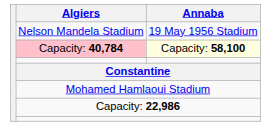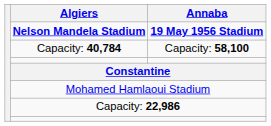 <table class="wikitable" style="text-align:center;margin:1em auto;">
 <tr>
 <th rowspan="9" colspan="2"></th>
 <th colspan=><a href='#'>Algiers</a></th>
 <th><a href='#'>Annaba</a></th>
 </tr>
 <tr>
-<td><a href='#'>Nelson Mandela Stadium</a></td>
-<td><a href='#'>19 May 1956 Stadium</a></td>
+<td><strong><a href='#'>Nelson Mandela Stadium</a></strong></td>
+<td><strong><a href='#'>19 May 1956 Stadium</a></strong></td>
 </tr>
 <tr>
-<td style="background: pink;">Capacity: <strong>40,784</strong></td>
-<td style="background: lightyellow;">Capacity: <strong>58,100</strong></td>
+<td>Capacity: <strong>40,784</strong></td>
+<td>Capacity: <strong>58,100</strong></td>
 </tr>
 <tr>
 <td></td>
 <td></td>
 </tr>
 <tr>
 <th colspan="2"><a href='#'>Constantine</a></th>
 </tr>
 <tr>
 <td colspan="2"><a href='#'>Mohamed Hamlaoui Stadium</a></td>
 </tr>
 <tr>
 <td colspan="2">Capacity: <strong>22,986</strong></td>
 </tr>
 <tr>
 <td colspan="2"></td>
 </tr>
 </table>
